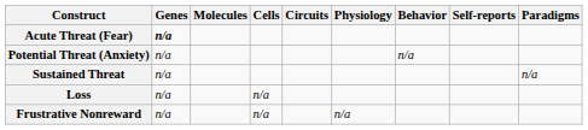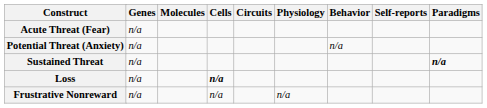 <table class="wikitable">
 <tr>
 <th colspan="2">Construct </th>
 <th>Genes</th>
 <th>Molecules</th>
 <th>Cells</th>
 <th>Circuits</th>
 <th>Physiology</th>
 <th>Behavior</th>
 <th>Self-reports</th>
 <th>Paradigms</th>
 </tr>
 <tr>
 <th colspan="2">Acute Threat (Fear)</th>
-<td><strong><em>n/a</em></strong></td>
+<td><em>n/a</em></td>
 <td> </td>
 <td></td>
 <td></td>
 <td></td>
 <td></td>
 <td></td>
 <td></td>
 </tr>
 <tr>
 <th colspan="2">Potential Threat (Anxiety)</th>
 <td><em>n/a</em></td>
 <td></td>
 <td></td>
 <td></td>
 <td></td>
 <td><em>n/a</em></td>
 <td></td>
 <td></td>
 </tr>
 <tr>
 <th colspan="2">Sustained Threat</th>
 <td><em>n/a</em></td>
 <td></td>
 <td></td>
 <td></td>
 <td></td>
 <td></td>
 <td></td>
-<td><em>n/a</em></td>
+<td><strong><em>n/a</em></strong></td>
 </tr>
 <tr>
 <th colspan="2">Loss</th>
 <td><em>n/a</em></td>
 <td></td>
-<td><em>n/a</em></td>
+<td><strong><em>n/a</em></strong></td>
 <td></td>
 <td></td>
 <td></td>
 <td></td>
 <td></td>
 </tr>
 <tr>
 <th colspan="2">Frustrative Nonreward</th>
 <td><em>n/a</em></td>
 <td></td>
 <td><em>n/a</em></td>
 <td></td>
 <td><em>n/a</em></td>
 <td></td>
 <td></td>
 <td></td>
 </tr>
 </table>
